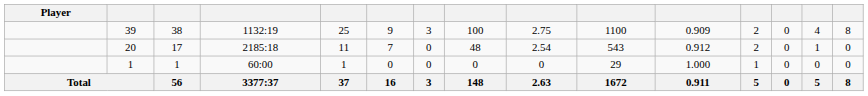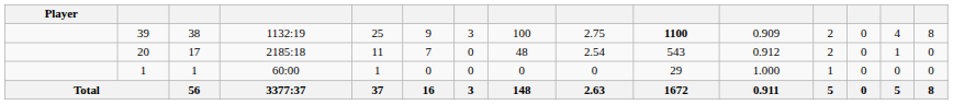 <table class="wikitable sortable" style="width:100%; text-align:center;">
 <tr>
 <th>Player</th>
 <th></th>
 <th></th>
 <th></th>
 <th></th>
 <th></th>
 <th></th>
 <th></th>
 <th></th>
 <th></th>
 <th></th>
 <th></th>
 <th></th>
 <th></th>
 <th></th>
 </tr>
 <tr>
 <td></td>
 <td>39</td>
 <td>38</td>
 <td>1132:19</td>
 <td>25</td>
 <td>9</td>
 <td>3</td>
 <td>100</td>
 <td>2.75</td>
-<td>1100</td>
+<td><strong>1100</strong></td>
 <td>0.909</td>
 <td>2</td>
 <td>0</td>
 <td>4</td>
 <td>8</td>
 </tr>
 <tr>
 <td></td>
 <td>20</td>
 <td>17</td>
 <td>2185:18</td>
 <td>11</td>
 <td>7</td>
 <td>0</td>
 <td>48</td>
 <td>2.54</td>
 <td>543</td>
 <td>0.912</td>
 <td>2</td>
 <td>0</td>
 <td>1</td>
 <td>0</td>
 </tr>
 <tr>
 <td></td>
 <td>1</td>
 <td>1</td>
 <td>60:00</td>
 <td>1</td>
 <td>0</td>
 <td>0</td>
 <td>0</td>
 <td>0</td>
 <td>29</td>
 <td>1.000</td>
 <td>1</td>
 <td>0</td>
 <td>0</td>
 <td>0</td>
 </tr>
 <tr class="sortbottom">
 <th colspan=2>Total</th>
 <th>56</th>
 <th>3377:37</th>
 <th>37</th>
 <th>16</th>
 <th>3</th>
 <th>148</th>
 <th>2.63</th>
 <th>1672</th>
 <th>0.911</th>
 <th>5</th>
 <th>0</th>
 <th>5</th>
 <th>8</th>
 </tr>
 </table>
